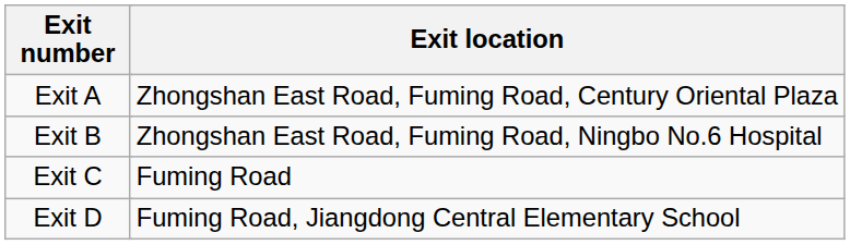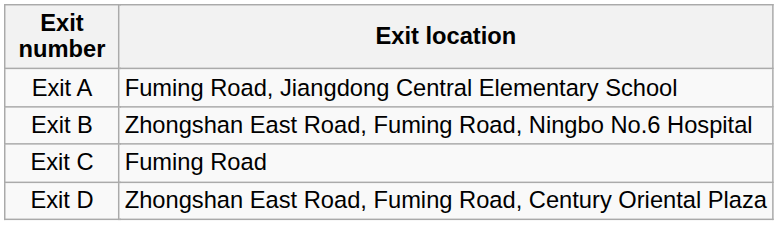 <table class="wikitable">
 <tr>
 <th style="width:70px" colspan="2">Exit number</th>
 <th>Exit location</th>
 </tr>
 <tr>
 <td align="center" colspan="2">Exit A</td>
-<td>Zhongshan East Road, Fuming Road, Century Oriental Plaza</td>
+<td>Fuming Road, Jiangdong Central Elementary School</td>
 </tr>
 <tr>
 <td align="center" colspan="2">Exit B </td>
 <td>Zhongshan East Road, Fuming Road, Ningbo No.6 Hospital</td>
 </tr>
 <tr>
 <td align="center" colspan="2">Exit C</td>
 <td>Fuming Road</td>
 </tr>
 <tr>
 <td align="center" colspan="2">Exit D</td>
-<td>Fuming Road, Jiangdong Central Elementary School</td>
+<td>Zhongshan East Road, Fuming Road, Century Oriental Plaza</td>
 </tr>
 </table>
